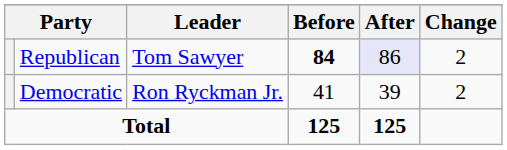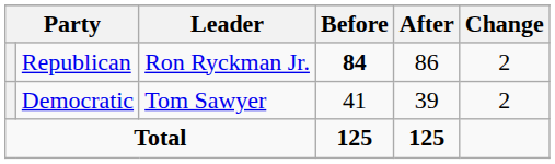 <table class="wikitable" style="text-align:center;">
 <tr>
 </tr>
 <tr>
 <th colspan=2>Party</th>
 <th>Leader</th>
 <th>Before</th>
 <th>After</th>
 <th>Change</th>
 </tr>
 <tr>
 <th style="background-color:"></th>
 <td style="text-align:left;"><a href='#'>Republican</a></td>
-<td style="text-align:left;"><a href='#'>Tom Sawyer</a></td>
+<td style="text-align:left;"><a href='#'>Ron Ryckman Jr.</a></td>
 <td><strong>84</strong></td>
-<td style="background: lavender;">86</td>
+<td>86</td>
 <td> 2</td>
 </tr>
 <tr>
 <th style="background-color:"></th>
 <td style="text-align:left;"><a href='#'>Democratic</a></td>
-<td style="text-align:left;"><a href='#'>Ron Ryckman Jr.</a></td>
+<td style="text-align:left;"><a href='#'>Tom Sawyer</a></td>
 <td>41</td>
 <td>39</td>
 <td> 2</td>
 </tr>
 <tr>
 <td colspan=3><strong>Total</strong></td>
 <td><strong>125</strong></td>
 <td><strong>125</strong></td>
 <td></td>
 </tr>
 </table>
